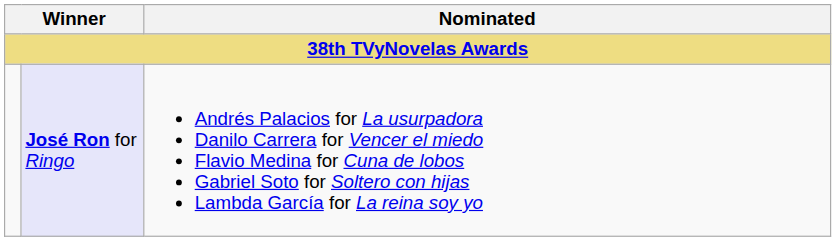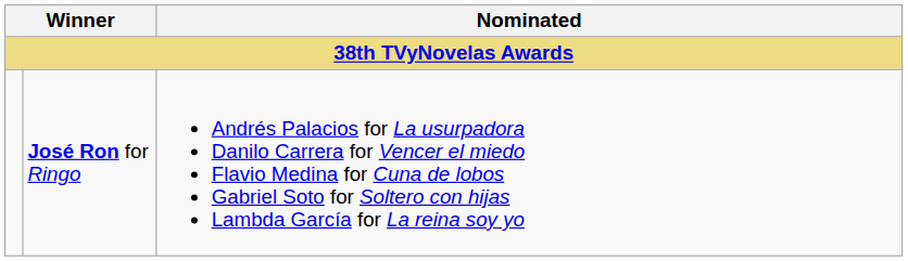 <table class="wikitable" width=80%>
 <tr align=center>
 <th width="150px;" colspan=2; align="center">Winner</th>
 <th width="580px;" align="center">Nominated</th>
 </tr>
 <tr>
 <th colspan=9 style="background:#EEDD82;"  align="center"><strong><a href='#'>38th TVyNovelas Awards</a></strong></th>
 </tr>
 <tr>
 <td width=2%></td>
-<td style="background: lavender;"><strong><a href='#'>José Ron</a></strong> for <em><a href='#'>Ringo</a></em></td>
+<td><strong><a href='#'>José Ron</a></strong> for <em><a href='#'>Ringo</a></em></td>
 <td><br><ul><li><a href='#'>Andrés Palacios</a> for <em><a href='#'>La usurpadora</a></em></li><li><a href='#'>Danilo Carrera</a> for <em><a href='#'>Vencer el miedo</a></em></li><li><a href='#'>Flavio Medina</a> for <em><a href='#'>Cuna de lobos</a></em></li><li><a href='#'>Gabriel Soto</a> for <em><a href='#'>Soltero con hijas</a></em></li><li><a href='#'>Lambda García</a> for <em><a href='#'>La reina soy yo</a></em></li></ul></td>
 </tr>
 </table>
